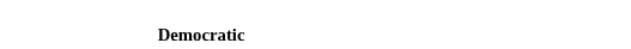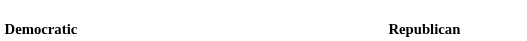 <table style="width:60%; text-align:center">
 <tr style="color:white">
 <td style="background:"><strong>196</strong></td>
 <td style="background:"><strong>12</strong></td>
+<td style="background:"><strong>117</strong></td>
 </tr>
 <tr>
 <td><span><strong>Democratic</strong></span></td>
 <td></td>
+<td><span><strong>Republican</strong></span></td>
 </tr>
 </table>
